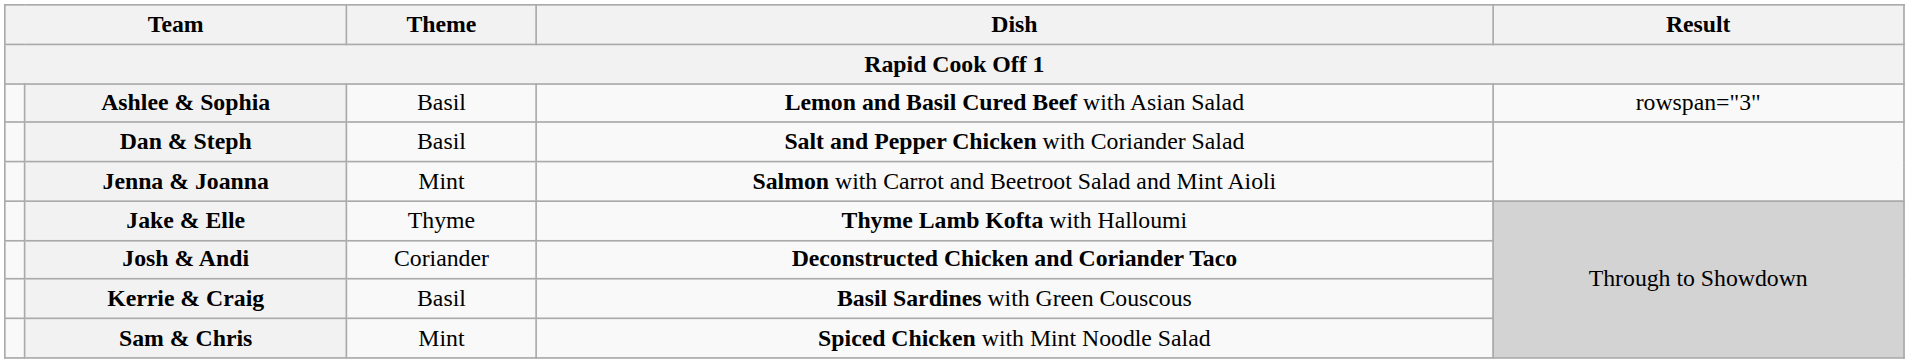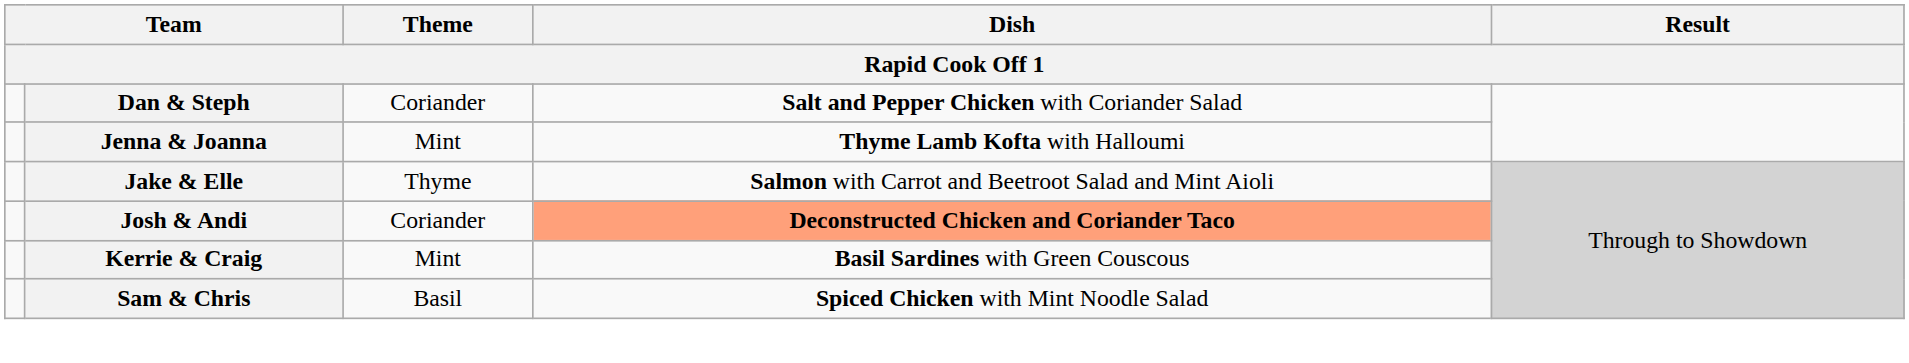 <table class="wikitable plainrowheaders" style="margin:1em auto; text-align:center; font-size:90%; width:80em;">
 <tr>
 <th colspan="2">Team</th>
 <th>Theme</th>
 <th>Dish</th>
 <th>Result</th>
 </tr>
 <tr>
 <th colspan="5" >Rapid Cook Off 1</th>
 </tr>
 <tr>
 <td></td>
-<th>Ashlee & Sophia</th>
-<td>Basil</td>
-<td><strong>Lemon and Basil Cured Beef</strong> with Asian Salad</td>
-<td>rowspan="3" </td>
-</tr>
-<tr>
-<td></td>
 <th>Dan & Steph</th>
-<td>Basil</td>
+<td>Coriander</td>
 <td><strong>Salt and Pepper Chicken</strong> with Coriander Salad</td>
 </tr>
 <tr>
 <td></td>
 <th>Jenna & Joanna</th>
 <td>Mint</td>
-<td><strong>Salmon</strong> with Carrot and Beetroot Salad and Mint Aioli</td>
+<td><strong>Thyme Lamb Kofta</strong> with Halloumi</td>
 </tr>
 <tr>
 <td></td>
 <th>Jake & Elle</th>
 <td>Thyme</td>
-<td><strong>Thyme Lamb Kofta</strong> with Halloumi</td>
+<td><strong>Salmon</strong> with Carrot and Beetroot Salad and Mint Aioli</td>
 <td rowspan="4" bgcolor=lightgray>Through to Showdown</td>
 </tr>
 <tr>
 <td></td>
 <th>Josh & Andi</th>
 <td>Coriander</td>
-<td><strong>Deconstructed Chicken and Coriander Taco</strong></td>
+<td style="background: lightsalmon;"><strong>Deconstructed Chicken and Coriander Taco</strong></td>
 </tr>
 <tr>
 <td></td>
 <th>Kerrie & Craig</th>
-<td>Basil</td>
+<td>Mint</td>
 <td><strong>Basil Sardines</strong> with Green Couscous</td>
 </tr>
 <tr>
 <td></td>
 <th>Sam & Chris</th>
-<td>Mint</td>
+<td>Basil</td>
 <td><strong>Spiced Chicken</strong> with Mint Noodle Salad</td>
 </tr>
 </table>
